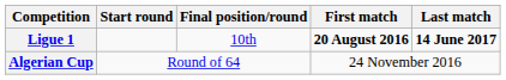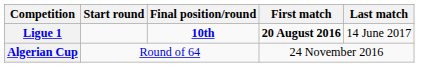 <table class="wikitable plainrowheaders" style="text-align:center;">
 <tr>
 <th scope=col>Competition</th>
 <th scope=col>Start round</th>
 <th scope=col>Final position/round</th>
 <th scope=col>First match</th>
 <th scope=col>Last match</th>
 </tr>
 <tr>
 <th scope=row align=left><a href='#'>Ligue 1</a></th>
 <td></td>
-<td><a href='#'>10th</a></td>
+<td><strong><a href='#'>10th</a></strong></td>
 <td><strong>20 August 2016</strong></td>
-<td><strong>14 June 2017</strong></td>
+<td>14 June 2017</td>
 </tr>
 <tr>
 <th scope=row align=left><a href='#'>Algerian Cup</a></th>
 <td colspan=2><a href='#'>Round of 64</a></td>
 <td colspan=2>24 November 2016</td>
 </tr>
 </table>
